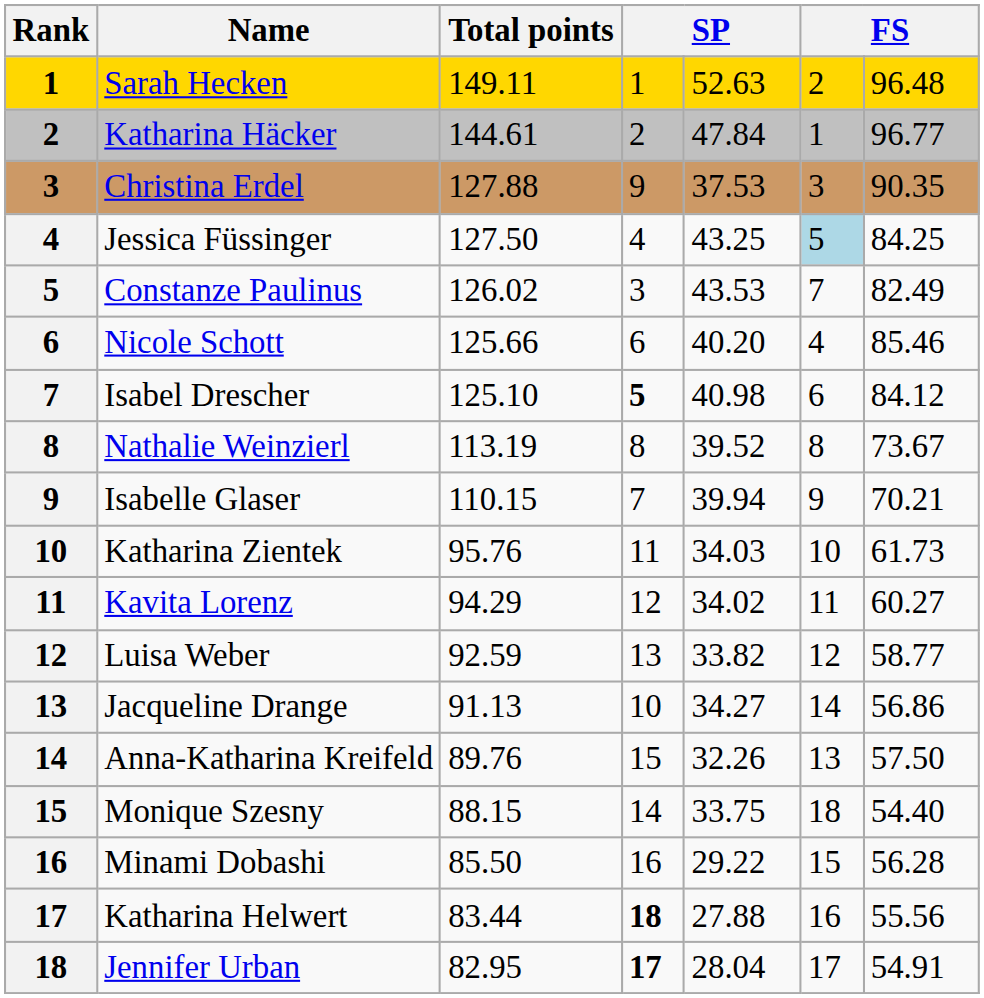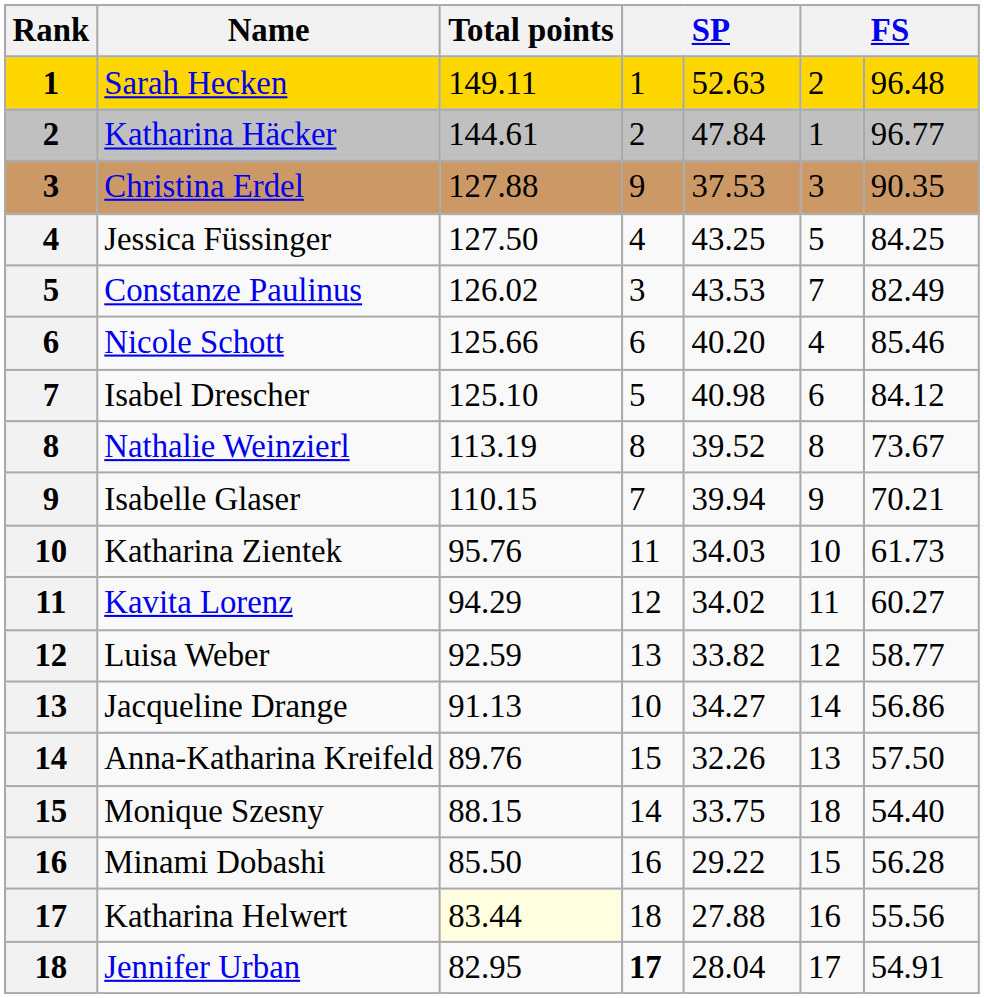 <table class="wikitable sortable">
 <tr>
 <th>Rank</th>
 <th>Name</th>
 <th>Total points</th>
 <th colspan="2" width="80px"><a href='#'>SP</a></th>
 <th colspan="2" width="80px"><a href='#'>FS</a></th>
 </tr>
 <tr bgcolor="gold">
 <td align="center"><strong>1</strong></td>
 <td><a href='#'>Sarah Hecken</a></td>
 <td>149.11</td>
 <td>1</td>
 <td>52.63</td>
 <td>2</td>
 <td>96.48</td>
 </tr>
 <tr bgcolor="silver">
 <td align="center"><strong>2</strong></td>
 <td><a href='#'>Katharina Häcker</a></td>
 <td>144.61</td>
 <td>2</td>
 <td>47.84</td>
 <td>1</td>
 <td>96.77</td>
 </tr>
 <tr bgcolor="cc9966">
 <td align="center"><strong>3</strong></td>
 <td><a href='#'>Christina Erdel</a></td>
 <td>127.88</td>
 <td>9</td>
 <td>37.53</td>
 <td>3</td>
 <td>90.35</td>
 </tr>
 <tr>
 <th>4</th>
 <td>Jessica Füssinger</td>
 <td>127.50</td>
 <td>4</td>
 <td>43.25</td>
-<td style="background: lightblue;">5</td>
+<td>5</td>
 <td>84.25</td>
 </tr>
 <tr>
 <th>5</th>
 <td><a href='#'>Constanze Paulinus</a></td>
 <td>126.02</td>
 <td>3</td>
 <td>43.53</td>
 <td>7</td>
 <td>82.49</td>
 </tr>
 <tr>
 <th>6</th>
 <td><a href='#'>Nicole Schott</a></td>
 <td>125.66</td>
 <td>6</td>
 <td>40.20</td>
 <td>4</td>
 <td>85.46</td>
 </tr>
 <tr>
 <th>7</th>
 <td>Isabel Drescher</td>
 <td>125.10</td>
-<td><strong>5</strong></td>
+<td>5</td>
 <td>40.98</td>
 <td>6</td>
 <td>84.12</td>
 </tr>
 <tr>
 <th>8</th>
 <td><a href='#'>Nathalie Weinzierl</a></td>
 <td>113.19</td>
 <td>8</td>
 <td>39.52</td>
 <td>8</td>
 <td>73.67</td>
 </tr>
 <tr>
 <th>9</th>
 <td>Isabelle Glaser</td>
 <td>110.15</td>
 <td>7</td>
 <td>39.94</td>
 <td>9</td>
 <td>70.21</td>
 </tr>
 <tr>
 <th>10</th>
 <td>Katharina Zientek</td>
 <td>95.76</td>
 <td>11</td>
 <td>34.03</td>
 <td>10</td>
 <td>61.73</td>
 </tr>
 <tr>
 <th>11</th>
 <td><a href='#'>Kavita Lorenz</a></td>
 <td>94.29</td>
 <td>12</td>
 <td>34.02</td>
 <td>11</td>
 <td>60.27</td>
 </tr>
 <tr>
 <th>12</th>
 <td>Luisa Weber</td>
 <td>92.59</td>
 <td>13</td>
 <td>33.82</td>
 <td>12</td>
 <td>58.77</td>
 </tr>
 <tr>
 <th>13</th>
 <td>Jacqueline Drange</td>
 <td>91.13</td>
 <td>10</td>
 <td>34.27</td>
 <td>14</td>
 <td>56.86</td>
 </tr>
 <tr>
 <th>14</th>
 <td>Anna-Katharina Kreifeld</td>
 <td>89.76</td>
 <td>15</td>
 <td>32.26</td>
 <td>13</td>
 <td>57.50</td>
 </tr>
 <tr>
 <th>15</th>
 <td>Monique Szesny</td>
 <td>88.15</td>
 <td>14</td>
 <td>33.75</td>
 <td>18</td>
 <td>54.40</td>
 </tr>
 <tr>
 <th>16</th>
 <td>Minami Dobashi</td>
 <td>85.50</td>
 <td>16</td>
 <td>29.22</td>
 <td>15</td>
 <td>56.28</td>
 </tr>
 <tr>
 <th>17</th>
 <td>Katharina Helwert</td>
-<td>83.44</td>
-<td><strong>18</strong></td>
+<td style="background: lightyellow;">83.44</td>
+<td>18</td>
 <td>27.88</td>
 <td>16</td>
 <td>55.56</td>
 </tr>
 <tr>
 <th>18</th>
 <td><a href='#'>Jennifer Urban</a></td>
 <td>82.95</td>
 <td><strong>17</strong></td>
 <td>28.04</td>
 <td>17</td>
 <td>54.91</td>
 </tr>
 </table>
